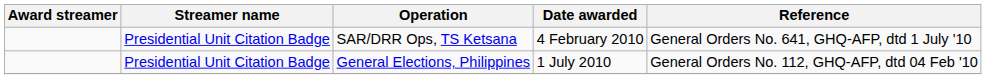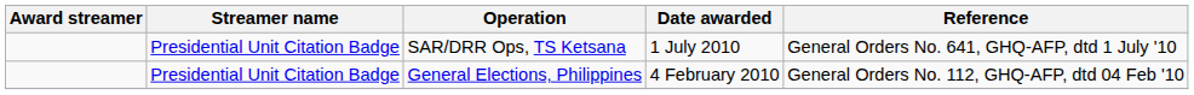 <table class="wikitable">
 <tr>
 <th>Award streamer</th>
 <th>Streamer name</th>
 <th>Operation</th>
 <th>Date awarded</th>
 <th>Reference</th>
 </tr>
 <tr>
 <td></td>
 <td><a href='#'>Presidential Unit Citation Badge</a></td>
 <td>SAR/DRR Ops, <a href='#'>TS Ketsana</a></td>
-<td>4 February 2010</td>
+<td>1 July 2010</td>
 <td>General Orders No. 641, GHQ-AFP, dtd 1 July '10</td>
 </tr>
 <tr>
 <td></td>
 <td><a href='#'>Presidential Unit Citation Badge</a></td>
 <td><a href='#'>General Elections, Philippines</a></td>
-<td>1 July 2010</td>
+<td>4 February 2010</td>
 <td>General Orders No. 112, GHQ-AFP, dtd 04 Feb '10</td>
 </tr>
 <tr>
 </tr>
 </table>
